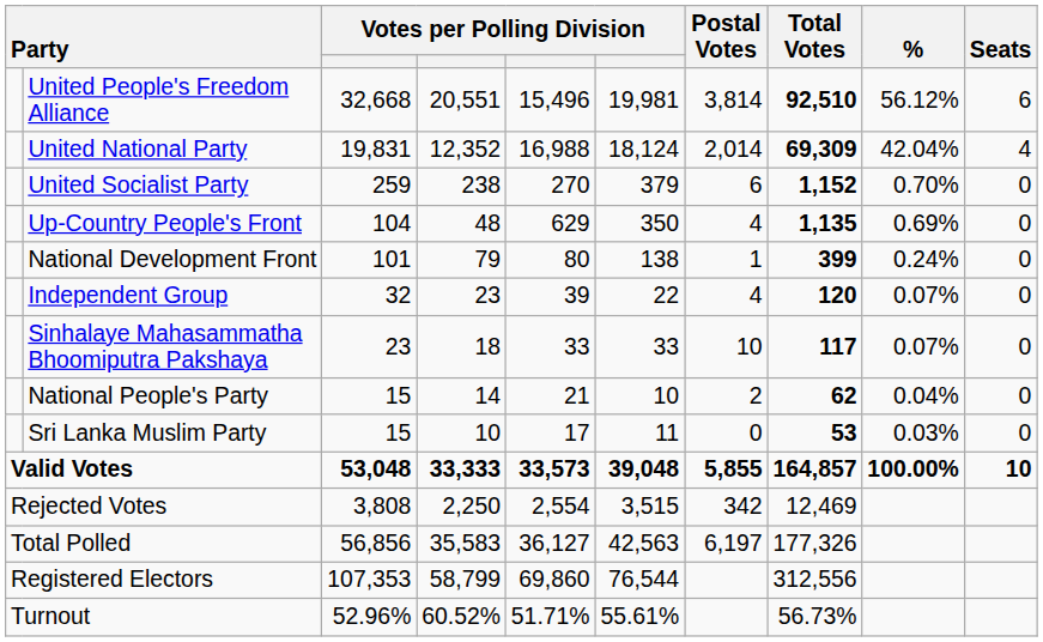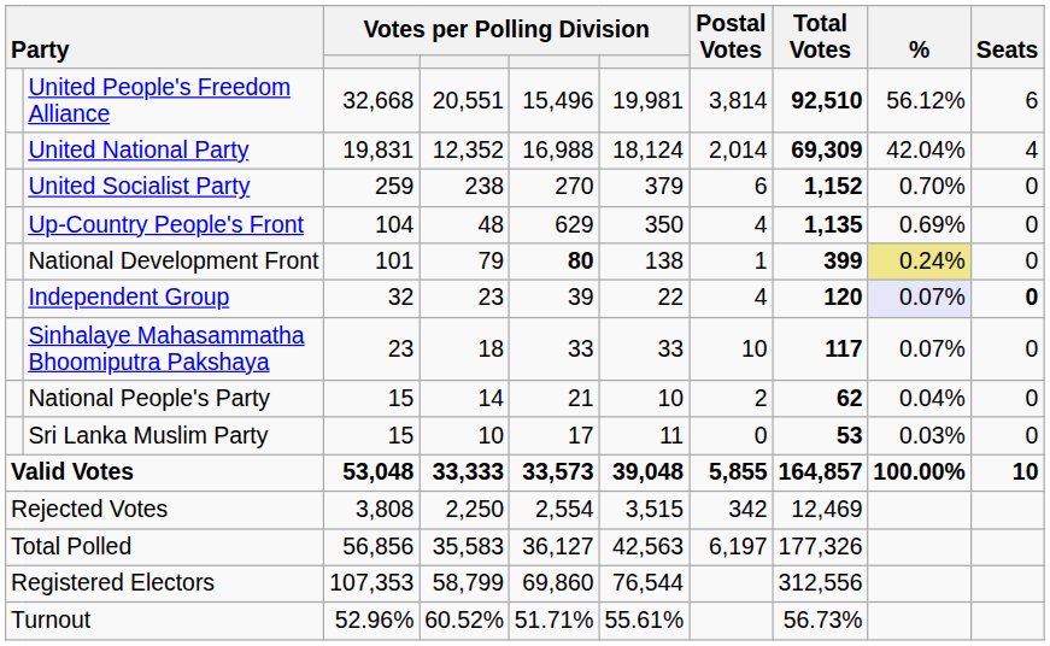 <table class="wikitable" border="1" style="text-align:right;">
 <tr>
 <th style="text-align:left; vertical-align:bottom;" rowspan="2" colspan="2">Party</th>
 <th colspan=4>Votes per Polling Division</th>
 <th rowspan="2" style="vertical-align:bottom; text-align:center; width:50px;">Postal<br>Votes</th>
 <th rowspan="2" style="vertical-align:bottom; text-align:center; width:50px;">Total Votes</th>
 <th rowspan="2" style="vertical-align:bottom; text-align:center; width:50px;">%</th>
 <th rowspan="2" style="vertical-align:bottom; text-align:center; width:40px;">Seats</th>
 </tr>
 <tr>
 <th></th>
 <th></th>
 <th></th>
 <th></th>
 </tr>
 <tr>
 <td bgcolor=> </td>
 <td align=left><a href='#'>United People's Freedom<br>Alliance</a></td>
 <td>32,668</td>
 <td>20,551</td>
 <td>15,496</td>
 <td>19,981</td>
 <td>3,814</td>
 <td><strong>92,510</strong></td>
 <td>56.12%</td>
 <td>6</td>
 </tr>
 <tr>
 <td bgcolor=> </td>
 <td align=left><a href='#'>United National Party</a></td>
 <td>19,831</td>
 <td>12,352</td>
 <td>16,988</td>
 <td>18,124</td>
 <td>2,014</td>
 <td><strong>69,309</strong></td>
 <td>42.04%</td>
 <td>4</td>
 </tr>
 <tr>
 <td bgcolor=> </td>
 <td align=left><a href='#'>United Socialist Party</a></td>
 <td>259</td>
 <td>238</td>
 <td>270</td>
 <td>379</td>
 <td>6</td>
 <td><strong>1,152</strong></td>
 <td>0.70%</td>
 <td>0</td>
 </tr>
 <tr>
 <td bgcolor=> </td>
 <td align=left><a href='#'>Up-Country People's Front</a></td>
 <td>104</td>
 <td>48</td>
 <td>629</td>
 <td>350</td>
 <td>4</td>
 <td><strong>1,135</strong></td>
 <td>0.69%</td>
 <td>0</td>
 </tr>
 <tr>
 <td bgcolor=> </td>
 <td align=left>National Development Front</td>
 <td>101</td>
 <td>79</td>
-<td>80</td>
+<td><strong>80</strong></td>
 <td>138</td>
 <td>1</td>
 <td><strong>399</strong></td>
-<td>0.24%</td>
+<td style="background: khaki;">0.24%</td>
 <td>0</td>
 </tr>
 <tr>
 <td bgcolor=> </td>
 <td align=left><a href='#'>Independent Group</a></td>
 <td>32</td>
 <td>23</td>
 <td>39</td>
 <td>22</td>
 <td>4</td>
 <td><strong>120</strong></td>
-<td>0.07%</td>
-<td>0</td>
+<td style="background: lavender;">0.07%</td>
+<td><strong>0</strong></td>
 </tr>
 <tr>
 <td bgcolor=> </td>
 <td align=left><a href='#'>Sinhalaye Mahasammatha<br>Bhoomiputra Pakshaya</a></td>
 <td>23</td>
 <td>18</td>
 <td>33</td>
 <td>33</td>
 <td>10</td>
 <td><strong>117</strong></td>
 <td>0.07%</td>
 <td>0</td>
 </tr>
 <tr>
 <td bgcolor=> </td>
 <td align=left>National People's Party</td>
 <td>15</td>
 <td>14</td>
 <td>21</td>
 <td>10</td>
 <td>2</td>
 <td><strong>62</strong></td>
 <td>0.04%</td>
 <td>0</td>
 </tr>
 <tr>
 <td bgcolor=> </td>
 <td align=left>Sri Lanka Muslim Party</td>
 <td>15</td>
 <td>10</td>
 <td>17</td>
 <td>11</td>
 <td>0</td>
 <td><strong>53</strong></td>
 <td>0.03%</td>
 <td>0</td>
 </tr>
 <tr>
 <td align=left colspan=2><strong>Valid Votes</strong></td>
 <td><strong>53,048</strong></td>
 <td><strong>33,333</strong></td>
 <td><strong>33,573</strong></td>
 <td><strong>39,048</strong></td>
 <td><strong>5,855</strong></td>
 <td><strong>164,857</strong></td>
 <td><strong>100.00%</strong></td>
 <td><strong>10</strong></td>
 </tr>
 <tr>
 <td align=left colspan=2>Rejected Votes</td>
 <td>3,808</td>
 <td>2,250</td>
 <td>2,554</td>
 <td>3,515</td>
 <td>342</td>
 <td>12,469</td>
 <td></td>
 <td></td>
 </tr>
 <tr>
 <td align=left colspan=2>Total Polled</td>
 <td>56,856</td>
 <td>35,583</td>
 <td>36,127</td>
 <td>42,563</td>
 <td>6,197</td>
 <td>177,326</td>
 <td></td>
 <td></td>
 </tr>
 <tr>
 <td align=left colspan=2>Registered Electors</td>
 <td>107,353</td>
 <td>58,799</td>
 <td>69,860</td>
 <td>76,544</td>
 <td></td>
 <td>312,556</td>
 <td></td>
 <td></td>
 </tr>
 <tr>
 <td align=left colspan=2>Turnout</td>
 <td>52.96%</td>
 <td>60.52%</td>
 <td>51.71%</td>
 <td>55.61%</td>
 <td></td>
 <td>56.73%</td>
 <td></td>
 <td></td>
 </tr>
 </table>
